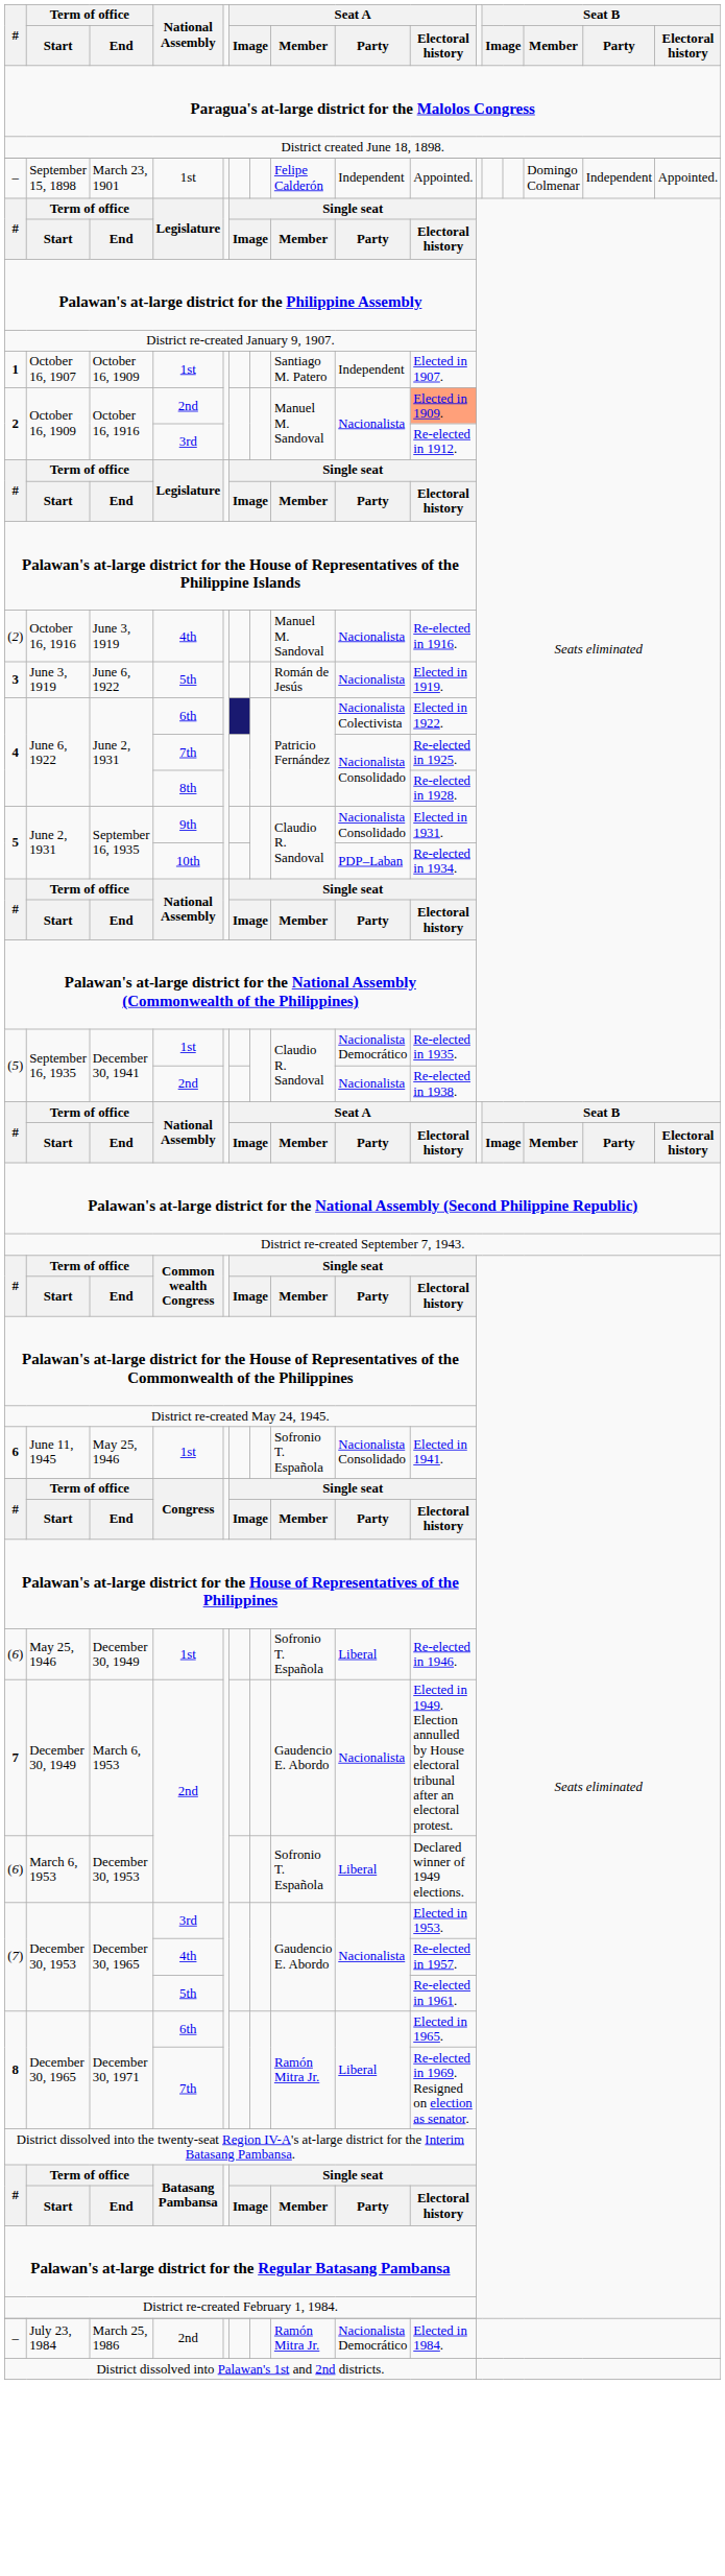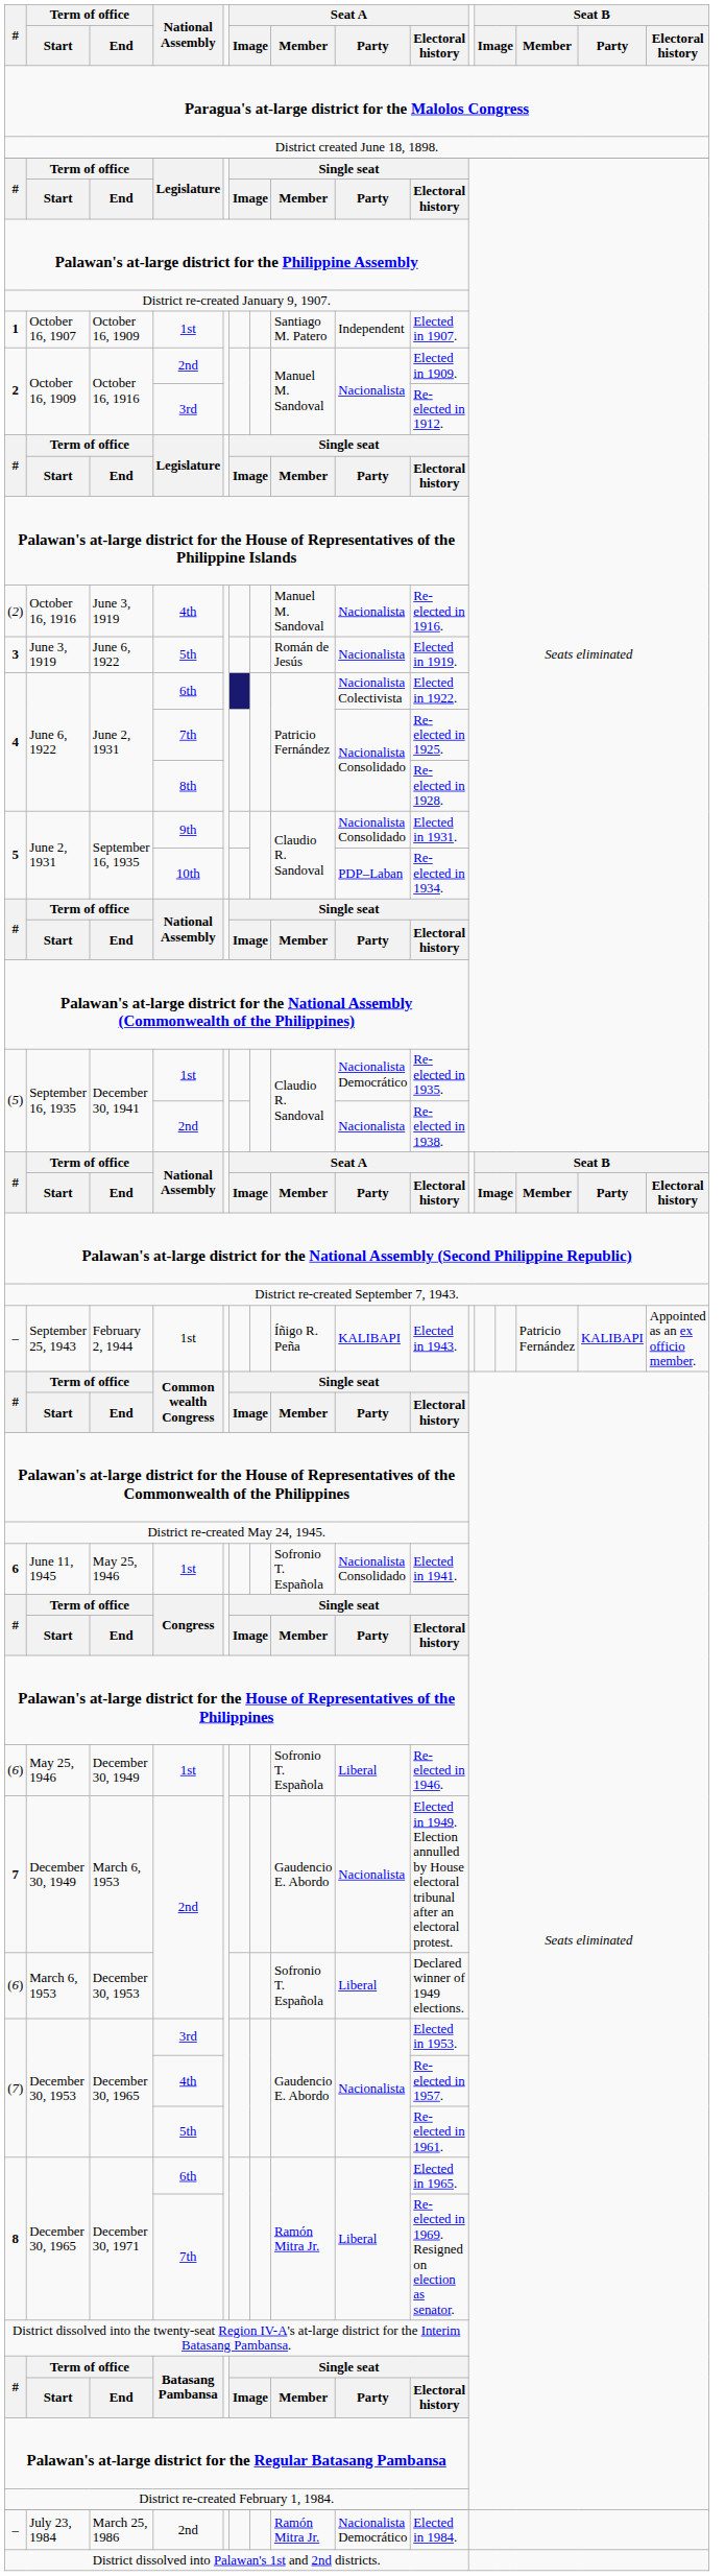 <table class=wikitable>
 <tr>
 <th rowspan=2>#</th>
 <th colspan=2>Term of office</th>
 <th rowspan=2>National<br>Assembly</th>
 <td rowspan=2></td>
 <th colspan=5>Seat A</th>
 <td rowspan=2></td>
 <th colspan=5>Seat B</th>
 </tr>
 <tr style="height:3em">
 <th>Start</th>
 <th>End</th>
 <th colspan="2" style="text-align:center;">Image</th>
 <th>Member</th>
 <th>Party</th>
 <th>Electoral history</th>
 <th colspan="2" style="text-align:center;">Image</th>
 <th>Member</th>
 <th>Party</th>
 <th>Electoral history</th>
 </tr>
 <tr>
 <td colspan="16" style="text-align:center;"><br><h3>Paragua's at-large district for the <a href='#'>Malolos Congress</a></h3></td>
 </tr>
 <tr>
 <td colspan="16" style="text-align:center;">District created June 18, 1898.</td>
 </tr>
 <tr>
-</tr>
-<tr style="height:3em">
-<td style="text-align:center;">–</td>
-<td>September 15, 1898</td>
-<td>March 23, 1901</td>
-<td style="text-align:center;">1st</td>
-<td></td>
-<td style="color:inherit;background:"></td>
-<td></td>
-<td><a href='#'>Felipe Calderón</a></td>
-<td>Independent</td>
-<td>Appointed.</td>
-<td></td>
-<td style="color:inherit;background:"></td>
-<td></td>
-<td>Domingo Colmenar</td>
-<td>Independent</td>
-<td>Appointed.</td>
 </tr>
 <tr>
 <th rowspan=2>#</th>
 <th colspan=2>Term of office</th>
 <th rowspan=2>Legislature</th>
 <td rowspan=2></td>
 <th colspan=5>Single seat</th>
 <td rowspan=22 colspan=6 style="text-align:center;"><em>Seats eliminated</em></td>
 </tr>
 <tr style="height:3em">
 <th>Start</th>
 <th>End</th>
 <th colspan="2" style="text-align:center;">Image</th>
 <th>Member</th>
 <th>Party</th>
 <th>Electoral history</th>
 </tr>
 <tr>
 <td colspan="10" style="text-align:center;"><br><h3>Palawan's at-large district for the <a href='#'>Philippine Assembly</a></h3></td>
 </tr>
 <tr>
 <td colspan="10" style="text-align:center;">District re-created January 9, 1907.</td>
 </tr>
 <tr>
 <td style="text-align:center;"><strong>1</strong></td>
 <td>October 16, 1907</td>
 <td>October 16, 1909</td>
 <td style="text-align:center;"><a href='#'>1st</a></td>
 <td rowspan="3"></td>
 <td style="color:inherit;background:"></td>
 <td></td>
 <td>Santiago M. Patero</td>
 <td>Independent</td>
 <td><a href='#'>Elected in 1907</a>.</td>
 </tr>
 <tr>
 <td rowspan="2" style="text-align:center;"><strong>2</strong></td>
 <td rowspan="2">October 16, 1909</td>
 <td rowspan="2">October 16, 1916</td>
 <td style="text-align:center;"><a href='#'>2nd</a></td>
 <td rowspan="2" style="color:inherit;background:"></td>
 <td rowspan="2"></td>
 <td rowspan="2">Manuel M. Sandoval</td>
 <td rowspan="2"><a href='#'>Nacionalista</a></td>
-<td style="background: lightsalmon;"><a href='#'>Elected in 1909</a>.</td>
+<td><a href='#'>Elected in 1909</a>.</td>
 </tr>
 <tr>
 <td style="text-align:center;"><a href='#'>3rd</a></td>
 <td><a href='#'>Re-elected in 1912</a>.</td>
 </tr>
 <tr>
 <th rowspan=2>#</th>
 <th colspan=2>Term of office</th>
 <th rowspan=2>Legislature</th>
 <td rowspan=2></td>
 <th colspan=5>Single seat</th>
 </tr>
 <tr style="height:3em">
 <th>Start</th>
 <th>End</th>
 <th colspan="2" style="text-align:center;">Image</th>
 <th>Member</th>
 <th>Party</th>
 <th>Electoral history</th>
 </tr>
 <tr>
 <td colspan="10" style="text-align:center;"><br><h3>Palawan's at-large district for the House of Representatives of the Philippine Islands</h3></td>
 </tr>
 <tr>
 <td style="text-align:center;">(<em>2</em>)</td>
 <td>October 16, 1916</td>
 <td>June 3, 1919</td>
 <td style="text-align:center;"><a href='#'>4th</a></td>
 <td rowspan=7></td>
 <td style="color:inherit;background:"></td>
 <td></td>
 <td>Manuel M. Sandoval</td>
 <td><a href='#'>Nacionalista</a></td>
 <td><a href='#'>Re-elected in 1916</a>.</td>
 </tr>
 <tr>
 <td style="text-align:center;"><strong>3</strong></td>
 <td>June 3, 1919</td>
 <td>June 6, 1922</td>
 <td style="text-align:center;"><a href='#'>5th</a></td>
 <td style="color:inherit;background:"></td>
 <td></td>
 <td>Román de Jesús</td>
 <td><a href='#'>Nacionalista</a></td>
 <td><a href='#'>Elected in 1919</a>.</td>
 </tr>
 <tr>
 <td rowspan="3" style="text-align:center;"><strong>4</strong></td>
 <td rowspan="3">June 6, 1922</td>
 <td rowspan="3">June 2, 1931</td>
 <td style="text-align:center;"><a href='#'>6th</a></td>
 <td style="background-color:#191970"></td>
 <td rowspan="3"></td>
 <td rowspan="3">Patricio Fernández</td>
 <td><a href='#'>Nacionalista</a><br>Colectivista</td>
 <td><a href='#'>Elected in 1922</a>.</td>
 </tr>
 <tr>
 <td style="text-align:center;"><a href='#'>7th</a></td>
 <td rowspan="2" style="color:inherit;background:"></td>
 <td rowspan="2"><a href='#'>Nacionalista</a><br>Consolidado</td>
 <td><a href='#'>Re-elected in 1925</a>.</td>
 </tr>
 <tr>
 <td style="text-align:center;"><a href='#'>8th</a></td>
 <td><a href='#'>Re-elected in 1928</a>.</td>
 </tr>
 <tr>
 <td rowspan="2" style="text-align:center;"><strong>5</strong></td>
 <td rowspan="2">June 2, 1931</td>
 <td rowspan="2">September 16, 1935</td>
 <td style="text-align:center;"><a href='#'>9th</a></td>
 <td style="color:inherit;background:"></td>
 <td rowspan="2"></td>
 <td rowspan="2">Claudio R. Sandoval</td>
 <td><a href='#'>Nacionalista</a><br>Consolidado</td>
 <td><a href='#'>Elected in 1931</a>.</td>
 </tr>
 <tr>
 <td style="text-align:center;"><a href='#'>10th</a></td>
 <td style="color:inherit;background:"></td>
 <td><a href='#'>PDP–Laban</a></td>
 <td><a href='#'>Re-elected in 1934</a>.</td>
 </tr>
 <tr>
 <th rowspan=2>#</th>
 <th colspan=2>Term of office</th>
 <th rowspan=2>National<br>Assembly</th>
 <td rowspan=2></td>
 <th colspan=5>Single seat</th>
 </tr>
 <tr style="height:3em">
 <th>Start</th>
 <th>End</th>
 <th colspan="2" style="text-align:center;">Image</th>
 <th>Member</th>
 <th>Party</th>
 <th>Electoral history</th>
 </tr>
 <tr>
 <td colspan="10" style="text-align:center;"><br><h3>Palawan's at-large district for the <a href='#'>National Assembly (Commonwealth of the Philippines)</a></h3></td>
 </tr>
 <tr>
 <td rowspan="2" style="text-align:center;">(<em>5</em>)</td>
 <td rowspan="2">September 16, 1935</td>
 <td rowspan="2">December 30, 1941</td>
 <td style="text-align:center;"><a href='#'>1st</a></td>
 <td rowspan=2></td>
 <td style="color:inherit;background:"></td>
 <td rowspan="2"></td>
 <td rowspan="2">Claudio R. Sandoval</td>
 <td><a href='#'>Nacionalista</a><br>Democrático</td>
 <td><a href='#'>Re-elected in 1935</a>.</td>
 </tr>
 <tr>
 <td style="text-align:center;"><a href='#'>2nd</a></td>
 <td style="color:inherit;background:"></td>
 <td><a href='#'>Nacionalista</a></td>
 <td><a href='#'>Re-elected in 1938</a>.</td>
 </tr>
 <tr>
 <th rowspan=2>#</th>
 <th colspan=2>Term of office</th>
 <th rowspan=2>National<br>Assembly</th>
 <td rowspan=2></td>
 <th colspan=5>Seat A</th>
 <td rowspan=2></td>
 <th colspan=5>Seat B</th>
 </tr>
 <tr style="height:3em">
 <th>Start</th>
 <th>End</th>
 <th colspan="2" style="text-align:center;">Image</th>
 <th>Member</th>
 <th>Party</th>
 <th>Electoral history</th>
 <th colspan="2" style="text-align:center;">Image</th>
 <th>Member</th>
 <th>Party</th>
 <th>Electoral history</th>
 </tr>
 <tr>
 <td colspan="16" style="text-align:center;"><br><h3>Palawan's at-large district for the <a href='#'>National Assembly (Second Philippine Republic)</a></h3></td>
 </tr>
 <tr>
 <td colspan="16" style="text-align:center;">District re-created September 7, 1943.</td>
+</tr>
+<tr>
+<td style="text-align:center;">–</td>
+<td>September 25, 1943</td>
+<td>February 2, 1944</td>
+<td style="text-align:center;">1st</td>
+<td></td>
+<td style="color:inherit;background:"></td>
+<td></td>
+<td>Íñigo R. Peña</td>
+<td><a href='#'>KALIBAPI</a></td>
+<td><a href='#'>Elected in 1943</a>.</td>
+<td></td>
+<td style="color:inherit;background:"></td>
+<td></td>
+<td>Patricio Fernández</td>
+<td><a href='#'>KALIBAPI</a></td>
+<td>Appointed as an <a href='#'>ex officio member</a>.</td>
 </tr>
 <tr>
 <th rowspan=2>#</th>
 <th colspan=2>Term of office</th>
 <th rowspan=2>Common<br>wealth<br>Congress</th>
 <td rowspan=2></td>
 <th colspan=5>Single seat</th>
 <td rowspan=22 colspan=6 style="text-align:center;"><em>Seats eliminated</em></td>
 </tr>
 <tr style="height:3em">
 <th>Start</th>
 <th>End</th>
 <th colspan="2" style="text-align:center;">Image</th>
 <th>Member</th>
 <th>Party</th>
 <th>Electoral history</th>
 </tr>
 <tr>
 <td colspan="10" style="text-align:center;"><br><h3>Palawan's at-large district for the House of Representatives of the Commonwealth of the Philippines</h3></td>
 </tr>
 <tr>
 <td colspan="10" style="text-align:center;">District re-created May 24, 1945.</td>
 </tr>
 <tr>
 <td style="text-align:center;"><strong>6</strong></td>
 <td>June 11, 1945</td>
 <td>May 25, 1946</td>
 <td style="text-align:center;"><a href='#'>1st</a></td>
 <td></td>
 <td style="color:inherit;background:"></td>
 <td></td>
 <td>Sofronio T. Española</td>
 <td><a href='#'>Nacionalista</a><br>Consolidado</td>
 <td><a href='#'>Elected in 1941</a>.</td>
 </tr>
 <tr>
 <th rowspan=2>#</th>
 <th colspan=2>Term of office</th>
 <th rowspan=2>Congress</th>
 <td rowspan=2></td>
 <th colspan=5>Single seat</th>
 </tr>
 <tr style="height:3em">
 <th>Start</th>
 <th>End</th>
 <th colspan="2" style="text-align:center;">Image</th>
 <th>Member</th>
 <th>Party</th>
 <th>Electoral history</th>
 </tr>
 <tr>
 <td colspan="10" style="text-align:center;"><br><h3>Palawan's at-large district for the <a href='#'>House of Representatives of the Philippines</a></h3></td>
 </tr>
 <tr>
 <td style="text-align:center;">(<em>6</em>)</td>
 <td>May 25, 1946</td>
 <td>December 30, 1949</td>
 <td style="text-align:center;"><a href='#'>1st</a></td>
 <td rowspan=8></td>
 <td style="color:inherit;background:"></td>
 <td></td>
 <td>Sofronio T. Española</td>
 <td><a href='#'>Liberal</a></td>
 <td><a href='#'>Re-elected in 1946</a>.</td>
 </tr>
 <tr>
 <td style="text-align:center;"><strong>7</strong></td>
 <td>December 30, 1949</td>
 <td>March 6, 1953</td>
 <td rowspan="2" style="text-align:center;"><a href='#'>2nd</a></td>
 <td style="color:inherit;background:"></td>
 <td></td>
 <td>Gaudencio E. Abordo</td>
 <td><a href='#'>Nacionalista</a></td>
 <td><a href='#'>Elected in 1949</a>.<br>Election annulled by House electoral tribunal after an electoral protest.</td>
 </tr>
 <tr>
 <td style="text-align:center;">(<em>6</em>)</td>
 <td>March 6, 1953</td>
 <td>December 30, 1953</td>
 <td style="color:inherit;background:"></td>
 <td></td>
 <td>Sofronio T. Española</td>
 <td><a href='#'>Liberal</a></td>
 <td>Declared winner of 1949 elections.</td>
 </tr>
 <tr>
 <td rowspan="3" style="text-align:center;">(<em>7</em>)</td>
 <td rowspan="3">December 30, 1953</td>
 <td rowspan="3">December 30, 1965</td>
 <td style="text-align:center;"><a href='#'>3rd</a></td>
 <td rowspan="3" style="color:inherit;background:"></td>
 <td rowspan="3"></td>
 <td rowspan="3">Gaudencio E. Abordo</td>
 <td rowspan="3"><a href='#'>Nacionalista</a></td>
 <td><a href='#'>Elected in 1953</a>.</td>
 </tr>
 <tr>
 <td style="text-align:center;"><a href='#'>4th</a></td>
 <td><a href='#'>Re-elected in 1957</a>.</td>
 </tr>
 <tr>
 <td style="text-align:center;"><a href='#'>5th</a></td>
 <td><a href='#'>Re-elected in 1961</a>.</td>
 </tr>
 <tr>
 <td rowspan="2" style="text-align:center;"><strong>8</strong></td>
 <td rowspan="2">December 30, 1965</td>
 <td rowspan="2">December 30, 1971</td>
 <td style="text-align:center;"><a href='#'>6th</a></td>
 <td rowspan="2" style="color:inherit;background:"></td>
 <td rowspan="2"></td>
 <td rowspan="2"><a href='#'>Ramón Mitra Jr.</a></td>
 <td rowspan="2"><a href='#'>Liberal</a></td>
 <td><a href='#'>Elected in 1965</a>.</td>
 </tr>
 <tr>
 <td style="text-align:center;"><a href='#'>7th</a></td>
 <td><a href='#'>Re-elected in 1969</a>.<br>Resigned on <a href='#'>election as senator</a>.</td>
 </tr>
 <tr>
 <td colspan="10" style="text-align:center;">District dissolved into the twenty-seat <a href='#'>Region IV-A</a>'s at-large district for the <a href='#'>Interim Batasang Pambansa</a>.</td>
 </tr>
 <tr>
 <th rowspan=2>#</th>
 <th colspan=2>Term of office</th>
 <th rowspan=2>Batasang<br>Pambansa</th>
 <td rowspan=2></td>
 <th colspan=5>Single seat</th>
 </tr>
 <tr style="height:3em">
 <th>Start</th>
 <th>End</th>
 <th colspan="2" style="text-align:center;">Image</th>
 <th>Member</th>
 <th>Party</th>
 <th>Electoral history</th>
 </tr>
 <tr>
 <td colspan="10" style="text-align:center;"><br><h3>Palawan's at-large district for the <a href='#'>Regular Batasang Pambansa</a></h3></td>
 </tr>
 <tr>
 <td colspan="10" style="text-align:center;">District re-created February 1, 1984.</td>
 </tr>
 <tr>
 </tr>
 <tr style="height:3em">
 <td style="text-align:center;">–</td>
 <td>July 23, 1984</td>
 <td>March 25, 1986</td>
 <td style="text-align:center;">2nd</td>
 <td></td>
 <td style="color:inherit;background:"></td>
 <td></td>
 <td><a href='#'>Ramón Mitra Jr.</a></td>
 <td><a href='#'>Nacionalista</a><br>Democrático</td>
 <td><a href='#'>Elected in 1984</a>.</td>
 </tr>
 <tr>
 <td colspan="10" style="text-align:center;">District dissolved into <a href='#'>Palawan's 1st</a> and <a href='#'>2nd</a> districts.</td>
 <td colspan="6"></td>
 </tr>
 </table>
